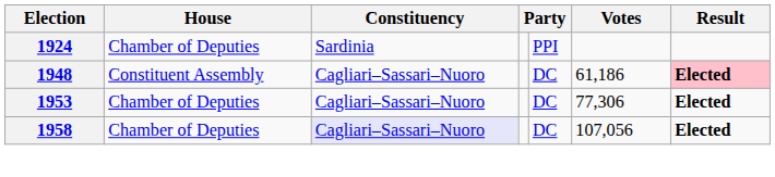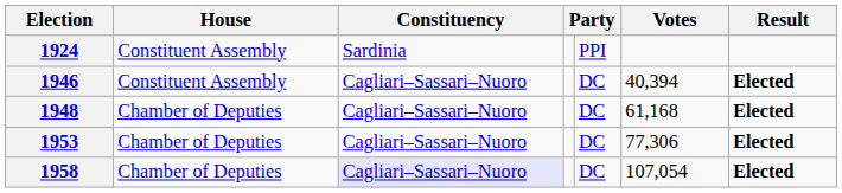 <table class=wikitable style="width:55%; border:1px #AAAAFF solid">
 <tr>
 <th width=12%>Election</th>
 <th width=25%>House</th>
 <th width=25%>Constituency</th>
 <th width=5% colspan="2">Party</th>
 <th width=12%>Votes</th>
 <th width=12%>Result</th>
 </tr>
 <tr>
 <th><a href='#'>1924</a></th>
-<td><a href='#'>Chamber of Deputies</a></td>
+<td><a href='#'>Constituent Assembly</a></td>
 <td><a href='#'>Sardinia</a></td>
 <td></td>
 <td><a href='#'>PPI</a></td>
 <td></td>
 <td></td>
 </tr>
 <tr>
-<th><a href='#'>1948</a></th>
+<th><a href='#'>1946</a></th>
 <td><a href='#'>Constituent Assembly</a></td>
 <td><a href='#'>Cagliari–Sassari–Nuoro</a></td>
 <td></td>
 <td><a href='#'>DC</a></td>
-<td>61,186</td>
-<td style="background: pink;"> <strong>Elected</strong></td>
+<td>40,394</td>
+<td> <strong>Elected</strong></td>
+</tr>
+<tr>
+<th><a href='#'>1948</a></th>
+<td><a href='#'>Chamber of Deputies</a></td>
+<td><a href='#'>Cagliari–Sassari–Nuoro</a></td>
+<td></td>
+<td><a href='#'>DC</a></td>
+<td>61,168</td>
+<td> <strong>Elected</strong></td>
 </tr>
 <tr>
 <th><a href='#'>1953</a></th>
 <td><a href='#'>Chamber of Deputies</a></td>
 <td><a href='#'>Cagliari–Sassari–Nuoro</a></td>
 <td></td>
 <td><a href='#'>DC</a></td>
 <td>77,306</td>
 <td> <strong>Elected</strong></td>
 </tr>
 <tr>
 <th><a href='#'>1958</a></th>
 <td><a href='#'>Chamber of Deputies</a></td>
 <td style="background: lavender;"><a href='#'>Cagliari–Sassari–Nuoro</a></td>
 <td></td>
 <td><a href='#'>DC</a></td>
-<td>107,056</td>
+<td>107,054</td>
 <td> <strong>Elected</strong></td>
 </tr>
 </table>
